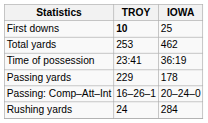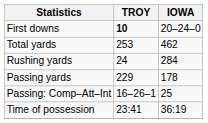 <table class="wikitable" style="float: left;">
 <tr>
 <th>Statistics</th>
 <th>TROY</th>
 <th>IOWA</th>
 </tr>
 <tr>
 <td>First downs</td>
 <td><strong>10</strong></td>
-<td>25</td>
+<td>20–24–0</td>
 </tr>
 <tr>
 <td>Total yards</td>
 <td>253</td>
 <td>462</td>
 </tr>
 <tr>
-<td>Time of possession</td>
-<td>23:41</td>
-<td>36:19</td>
+<td>Rushing yards</td>
+<td>24</td>
+<td>284</td>
 </tr>
 <tr>
 <td>Passing yards</td>
 <td>229</td>
 <td>178</td>
 </tr>
 <tr>
 <td>Passing: Comp–Att–Int</td>
 <td>16–26–1</td>
-<td>20–24–0</td>
+<td>25</td>
 </tr>
 <tr>
-<td>Rushing yards</td>
-<td>24</td>
-<td>284</td>
+<td>Time of possession</td>
+<td>23:41</td>
+<td>36:19</td>
 </tr>
 <tr>
 </tr>
 </table>
